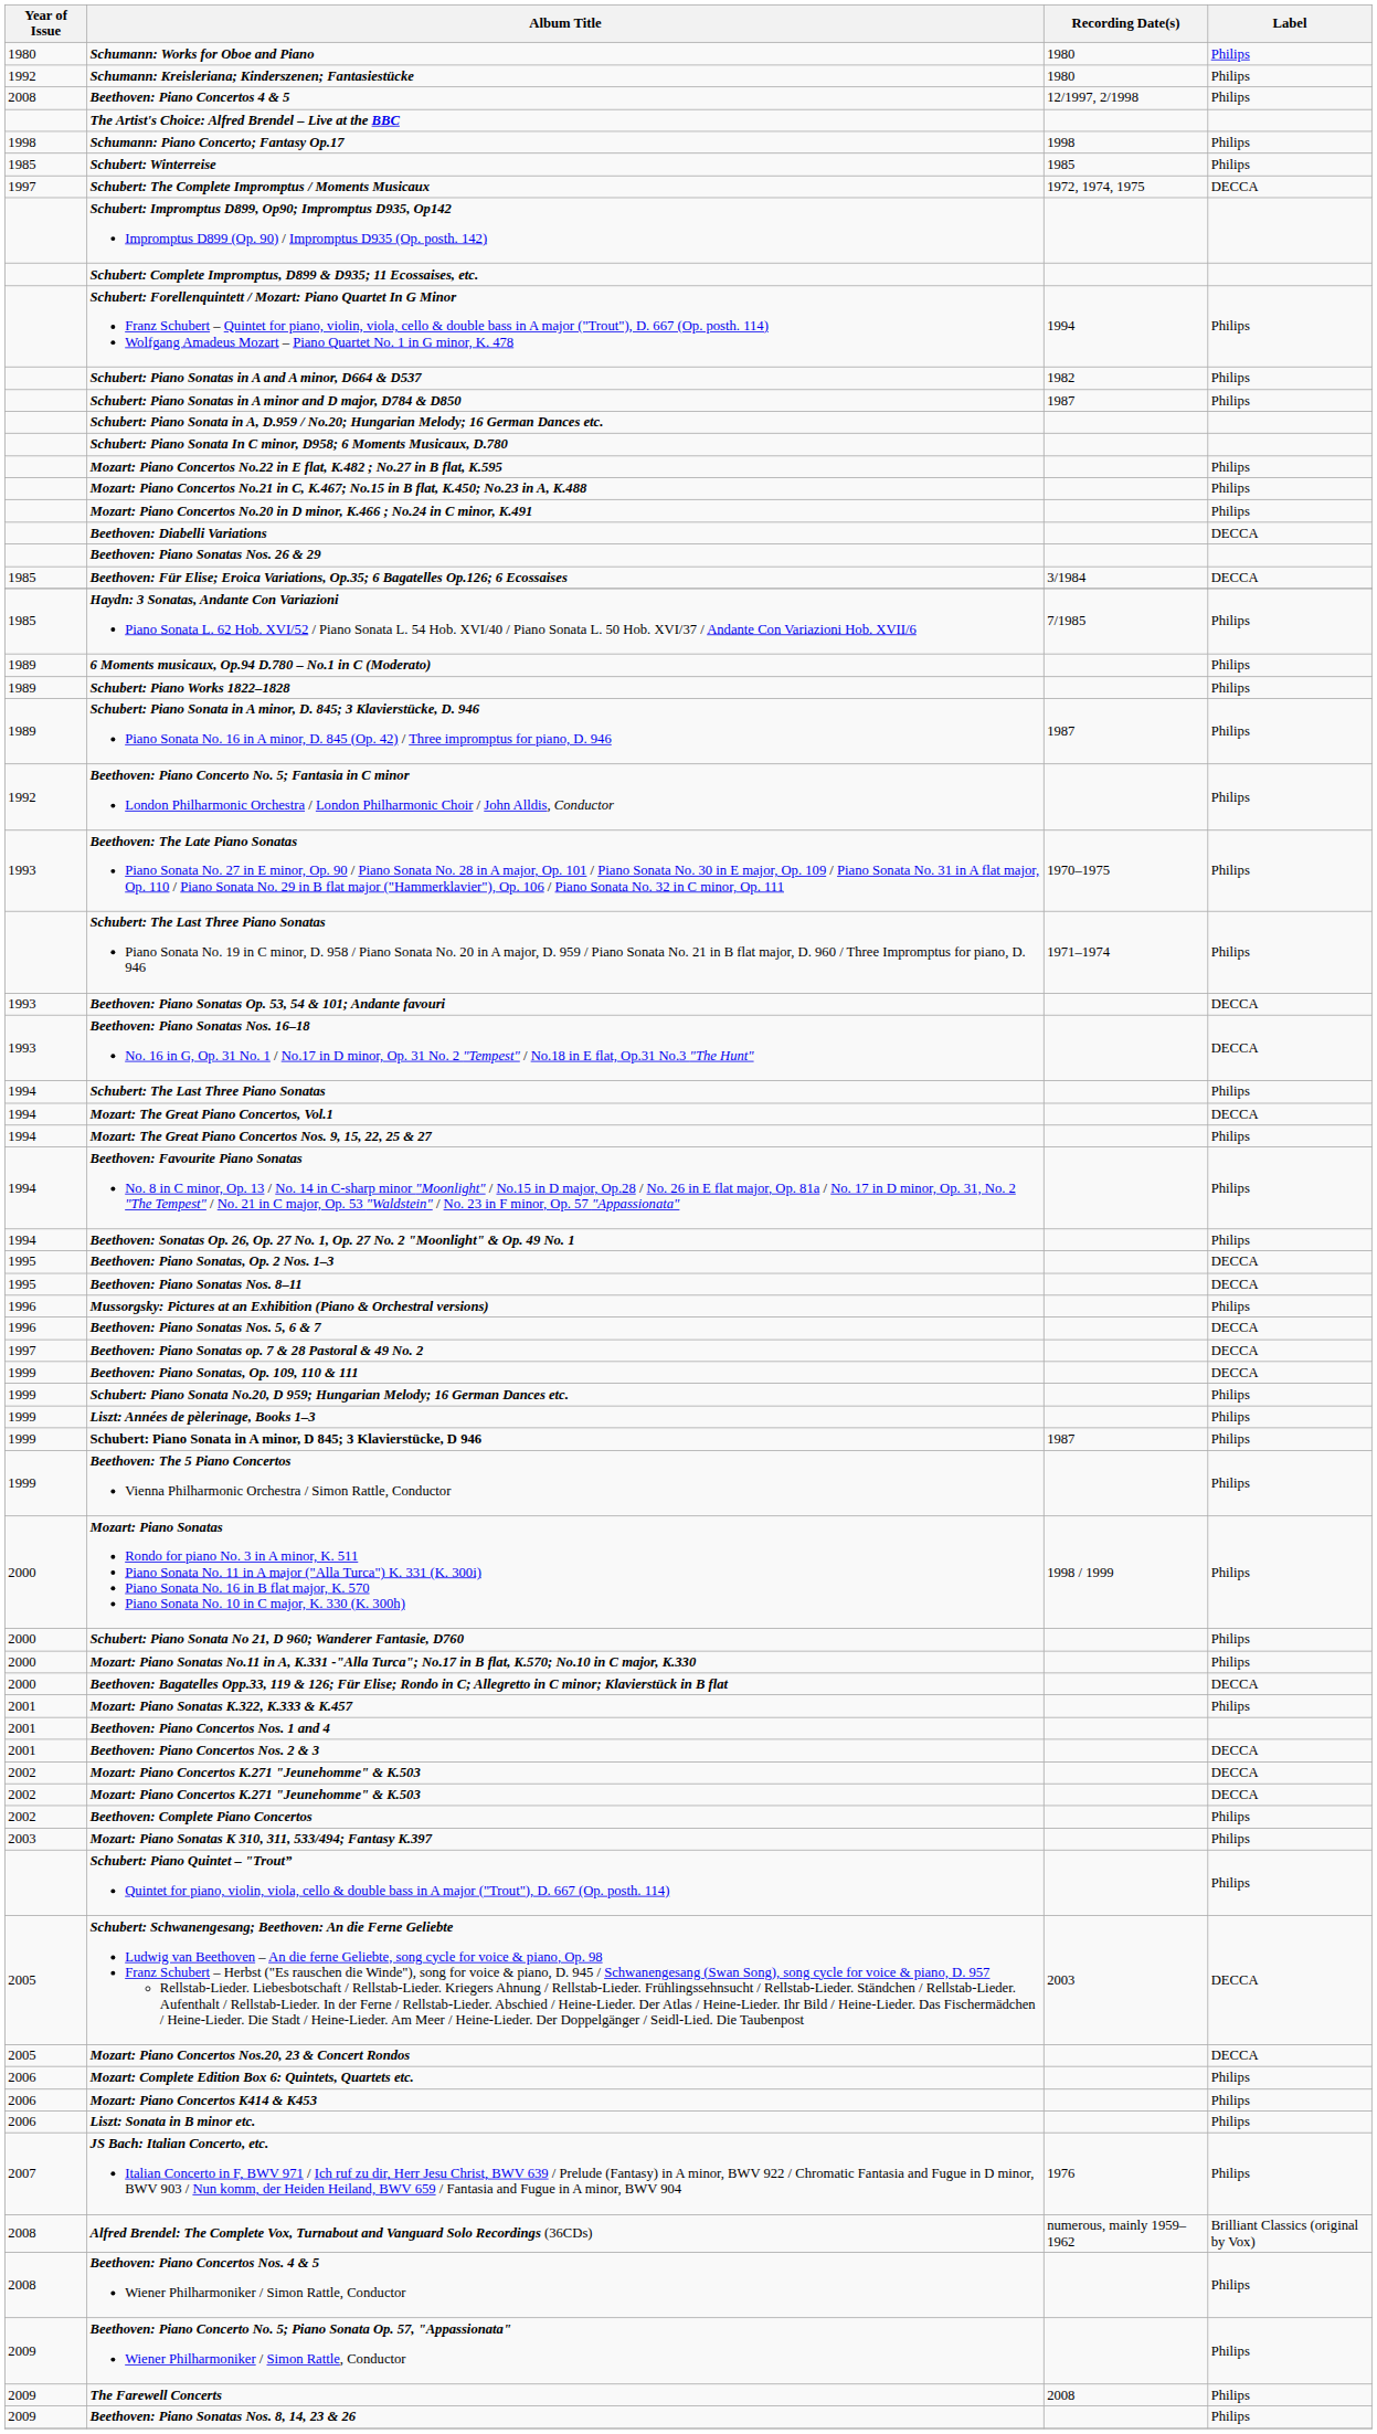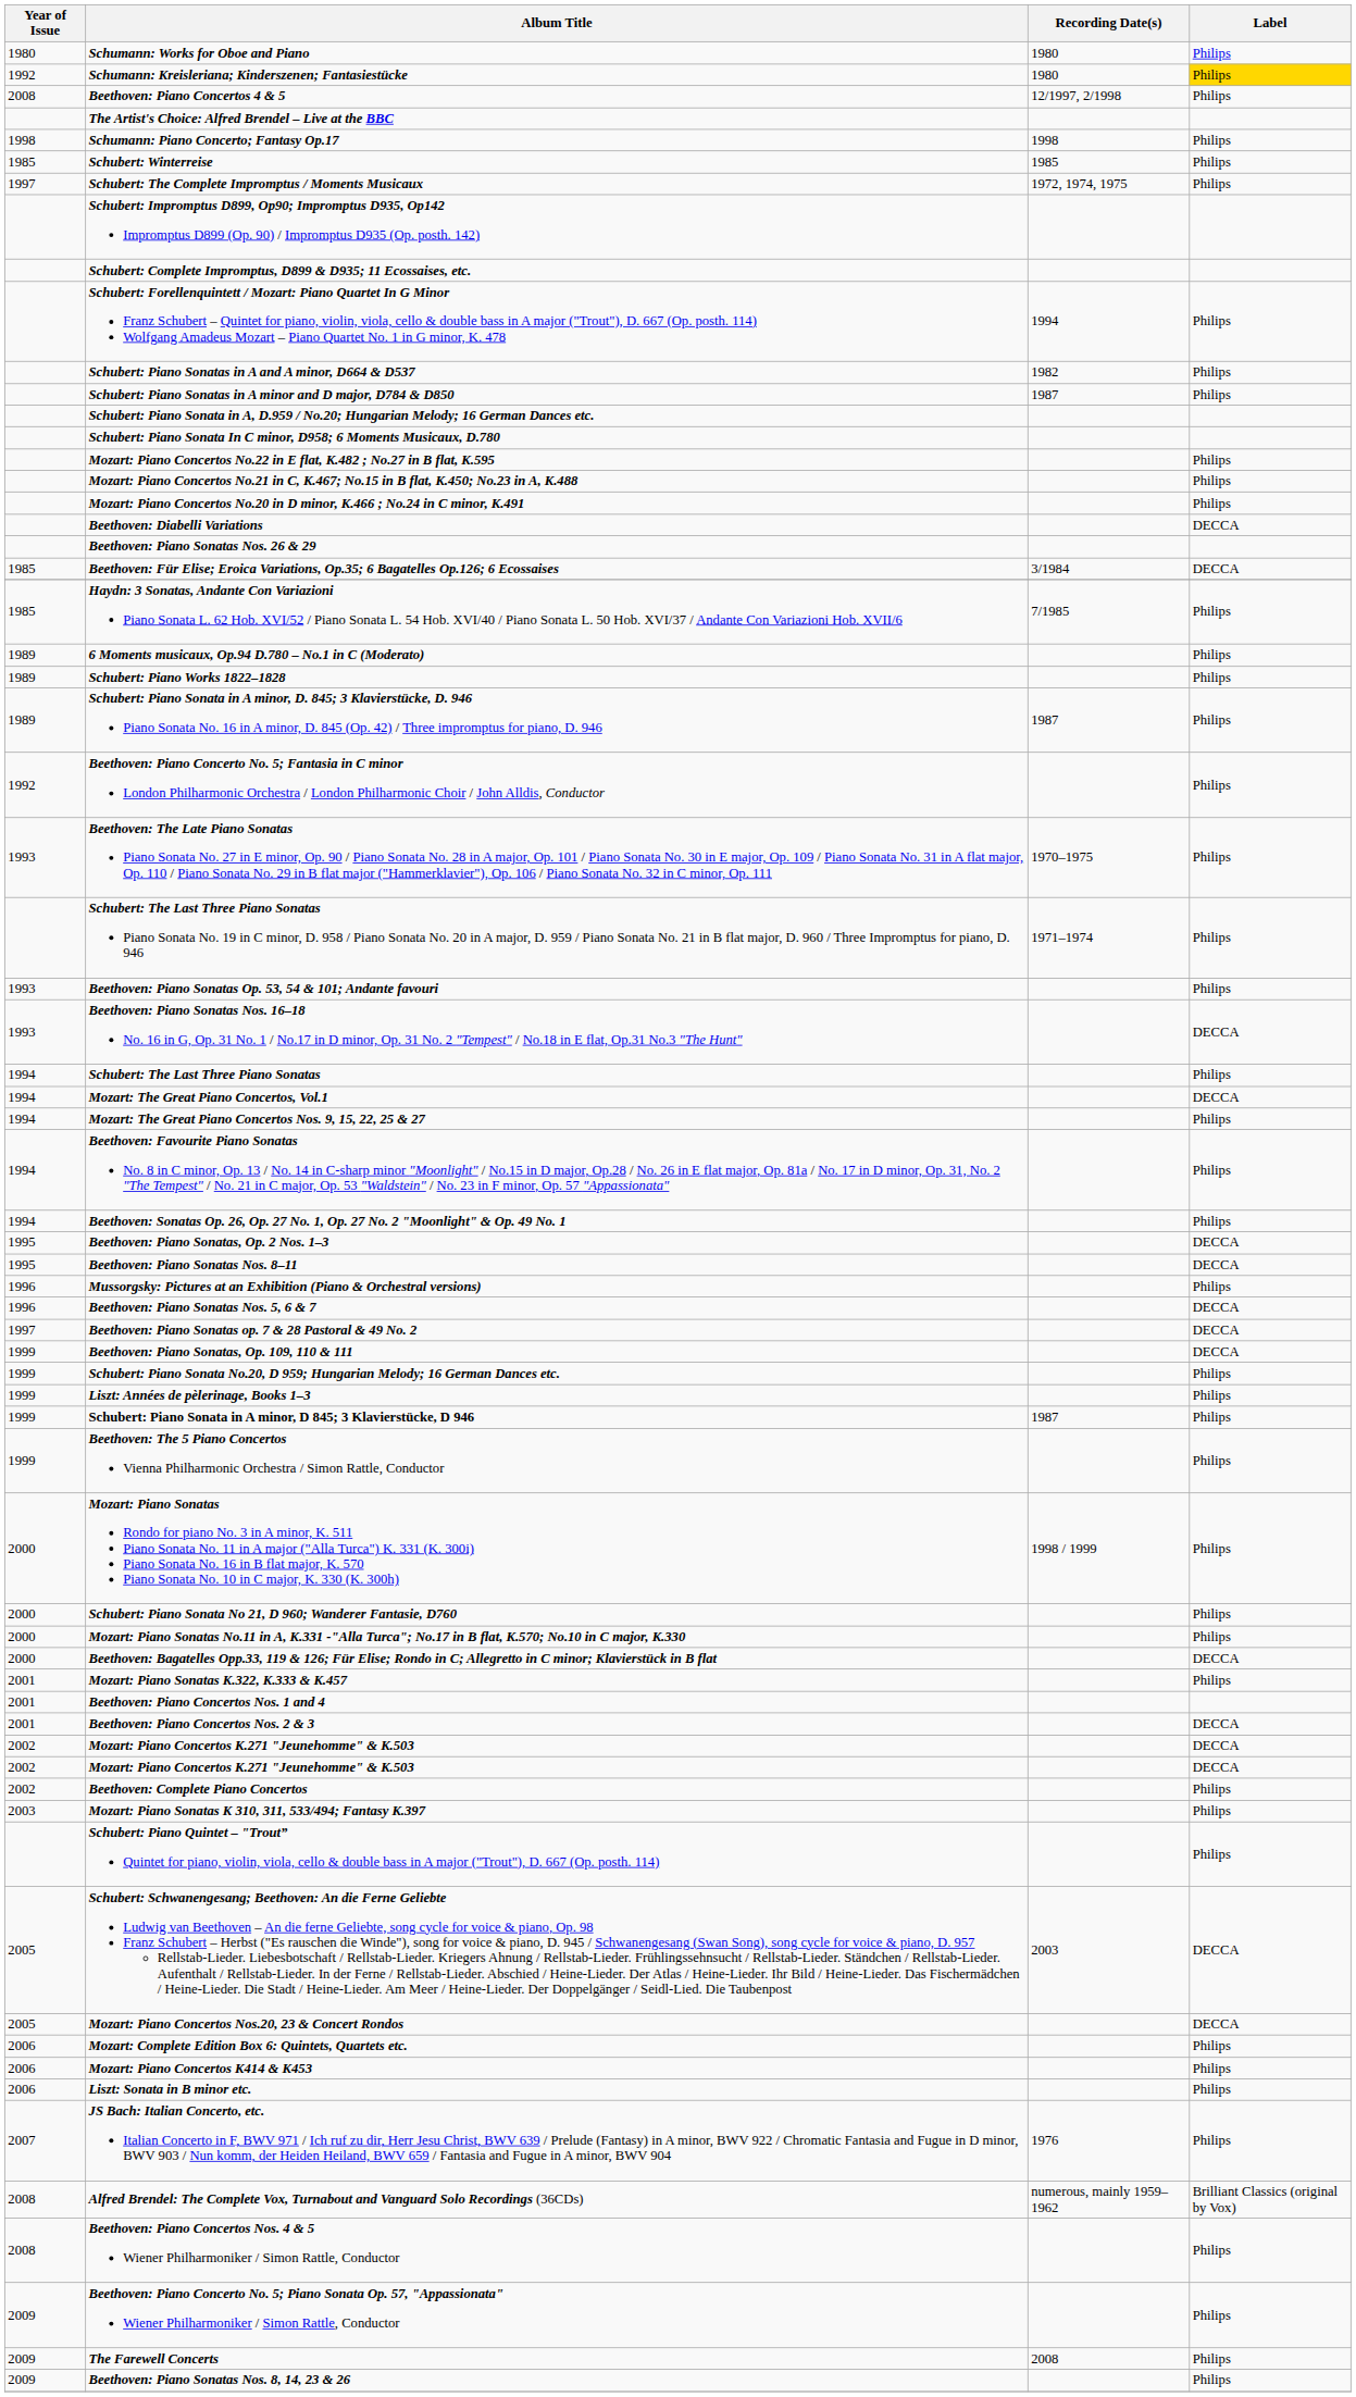 <table class="wikitable sortable" border="1">
 <tr>
 <th width="6%">Year of Issue</th>
 <th width="70%">Album Title</th>
 <th width="12%">Recording Date(s)</th>
 <th width="12%">Label</th>
 </tr>
 <tr>
 <td>1980</td>
 <td><strong><em>Schumann: Works for Oboe and Piano</em></strong></td>
 <td>1980</td>
 <td><a href='#'>Philips</a></td>
 </tr>
 <tr>
 <td>1992</td>
 <td><strong><em>Schumann: Kreisleriana; Kinderszenen; Fantasiestücke</em></strong></td>
 <td>1980</td>
-<td>Philips</td>
+<td style="background: gold;">Philips</td>
 </tr>
 <tr>
 <td>2008</td>
 <td><strong><em>Beethoven: Piano Concertos 4 & 5</em></strong></td>
 <td>12/1997, 2/1998</td>
 <td>Philips</td>
 </tr>
 <tr>
 <td></td>
 <td><strong><em>The Artist's Choice: Alfred Brendel – Live at the <a href='#'>BBC</a></em></strong></td>
 <td></td>
 <td></td>
 </tr>
 <tr>
 <td>1998</td>
 <td><strong><em>Schumann: Piano Concerto; Fantasy Op.17</em></strong></td>
 <td>1998</td>
 <td>Philips</td>
 </tr>
 <tr>
 <td>1985</td>
 <td><strong><em>Schubert: Winterreise</em></strong></td>
 <td>1985</td>
 <td>Philips</td>
 </tr>
 <tr>
 <td>1997</td>
 <td><strong><em>Schubert: The Complete Impromptus / Moments Musicaux</em></strong></td>
 <td>1972, 1974, 1975</td>
-<td>DECCA</td>
+<td>Philips</td>
 </tr>
 <tr>
 <td></td>
 <td><strong><em>Schubert: Impromptus D899, Op90; Impromptus D935, Op142</em></strong><br><ul><li><a href='#'>Impromptus D899 (Op. 90)</a> / <a href='#'>Impromptus D935 (Op. posth. 142)</a></li></ul></td>
 <td></td>
 <td></td>
 </tr>
 <tr>
 <td></td>
 <td><strong><em>Schubert: Complete Impromptus, D899 & D935; 11 Ecossaises, etc.</em></strong></td>
 <td></td>
 <td></td>
 </tr>
 <tr>
 <td></td>
 <td><strong><em>Schubert: Forellenquintett / Mozart: Piano Quartet In G Minor</em></strong><br><ul><li><a href='#'>Franz Schubert</a> – <a href='#'>Quintet for piano, violin, viola, cello & double bass in A major ("Trout"), D. 667 (Op. posth. 114)</a></li><li><a href='#'>Wolfgang Amadeus Mozart</a> – <a href='#'>Piano Quartet No. 1 in G minor, K. 478</a></li></ul></td>
 <td>1994</td>
 <td>Philips</td>
 </tr>
 <tr>
 <td></td>
 <td><strong><em>Schubert: Piano Sonatas in A and A minor, D664 & D537</em></strong></td>
 <td>1982</td>
 <td>Philips</td>
 </tr>
 <tr>
 <td></td>
 <td><strong><em>Schubert: Piano Sonatas in A minor and D major, D784 & D850</em></strong></td>
 <td>1987</td>
 <td>Philips</td>
 </tr>
 <tr>
 <td></td>
 <td><strong><em>Schubert: Piano Sonata in A, D.959 / No.20; Hungarian Melody; 16 German Dances etc.</em></strong></td>
 <td></td>
 <td></td>
 </tr>
 <tr>
 <td></td>
 <td><strong><em>Schubert: Piano Sonata In C minor, D958; 6 Moments Musicaux, D.780</em></strong></td>
 <td></td>
 <td></td>
 </tr>
 <tr>
 <td></td>
 <td><strong><em>Mozart: Piano Concertos No.22 in E flat, K.482 ; No.27 in B flat, K.595</em></strong></td>
 <td></td>
 <td>Philips</td>
 </tr>
 <tr>
 <td></td>
 <td><strong><em>Mozart: Piano Concertos No.21 in C, K.467; No.15 in B flat, K.450; No.23 in A, K.488</em></strong></td>
 <td></td>
 <td>Philips</td>
 </tr>
 <tr>
 <td></td>
 <td><strong><em>Mozart: Piano Concertos No.20 in D minor, K.466 ; No.24 in C minor, K.491</em></strong></td>
 <td></td>
 <td>Philips</td>
 </tr>
 <tr>
 <td></td>
 <td><strong><em>Beethoven: Diabelli Variations</em></strong></td>
 <td></td>
 <td>DECCA</td>
 </tr>
 <tr>
 <td></td>
 <td><strong><em>Beethoven: Piano Sonatas Nos. 26 & 29</em></strong></td>
 <td></td>
 <td></td>
 </tr>
 <tr>
 <td>1985</td>
 <td><strong><em>Beethoven: Für Elise; Eroica Variations, Op.35; 6 Bagatelles Op.126; 6 Ecossaises</em></strong></td>
 <td>3/1984</td>
 <td>DECCA</td>
 </tr>
 <tr>
 </tr>
 <tr>
 <td>1985</td>
 <td><strong><em>Haydn: 3 Sonatas, Andante Con Variazioni</em></strong><br><ul><li><a href='#'>Piano Sonata L. 62 Hob. XVI/52</a> / Piano Sonata L. 54 Hob. XVI/40 / Piano Sonata L. 50 Hob. XVI/37 / <a href='#'>Andante Con Variazioni Hob. XVII/6</a></li></ul></td>
 <td>7/1985</td>
 <td>Philips</td>
 </tr>
 <tr>
 <td>1989</td>
 <td><strong><em>6 Moments musicaux, Op.94 D.780 – No.1 in C (Moderato)</em></strong></td>
 <td></td>
 <td>Philips</td>
 </tr>
 <tr>
 <td>1989</td>
 <td><strong><em>Schubert: Piano Works 1822–1828</em></strong></td>
 <td></td>
 <td>Philips</td>
 </tr>
 <tr>
 <td>1989</td>
 <td><strong><em>Schubert: Piano Sonata in A minor, D. 845; 3 Klavierstücke, D. 946</em></strong><br><ul><li><a href='#'>Piano Sonata No. 16 in A minor, D. 845 (Op. 42)</a> / <a href='#'>Three impromptus for piano, D. 946</a></li></ul></td>
 <td>1987</td>
 <td>Philips</td>
 </tr>
 <tr>
 <td>1992</td>
 <td><strong><em>Beethoven: Piano Concerto No. 5; Fantasia in C minor</em></strong><br><ul><li><a href='#'>London Philharmonic Orchestra</a> / <a href='#'>London Philharmonic Choir</a> / <a href='#'>John Alldis</a>, <em>Conductor</em></li></ul></td>
 <td></td>
 <td>Philips</td>
 </tr>
 <tr>
 <td>1993</td>
 <td><strong><em>Beethoven: The Late Piano Sonatas</em></strong><br><ul><li><a href='#'>Piano Sonata No. 27 in E minor, Op. 90</a> / <a href='#'>Piano Sonata No. 28 in A major, Op. 101</a> / <a href='#'>Piano Sonata No. 30 in E major, Op. 109</a> / <a href='#'>Piano Sonata No. 31 in A flat major, Op. 110</a> / <a href='#'>Piano Sonata No. 29 in B flat major ("Hammerklavier"), Op. 106</a> / <a href='#'>Piano Sonata No. 32 in C minor, Op. 111</a></li></ul></td>
 <td>1970–1975</td>
 <td>Philips</td>
 </tr>
 <tr>
 <td></td>
 <td><strong><em>Schubert: The Last Three Piano Sonatas</em></strong><br><ul><li>Piano Sonata No. 19 in C minor, D. 958 / Piano Sonata No. 20 in A major, D. 959 / Piano Sonata No. 21 in B flat major, D. 960 / Three Impromptus for piano, D. 946</li></ul></td>
 <td>1971–1974</td>
 <td>Philips</td>
 </tr>
 <tr>
 <td>1993</td>
 <td><strong><em>Beethoven: Piano Sonatas Op. 53, 54 & 101; Andante favouri</em></strong></td>
 <td></td>
-<td>DECCA</td>
+<td>Philips</td>
 </tr>
 <tr>
 <td>1993</td>
 <td><strong><em>Beethoven: Piano Sonatas Nos. 16–18</em></strong><br><ul><li><a href='#'>No. 16 in G, Op. 31 No. 1</a> / <a href='#'>No.17 in D minor, Op. 31 No. 2 <em>"Tempest"</em></a> / <a href='#'>No.18 in E flat, Op.31 No.3 <em>"The Hunt"</em></a></li></ul></td>
 <td></td>
 <td>DECCA</td>
 </tr>
 <tr>
 <td>1994</td>
 <td><strong><em>Schubert: The Last Three Piano Sonatas</em></strong></td>
 <td></td>
 <td>Philips</td>
 </tr>
 <tr>
 <td>1994</td>
 <td><strong><em>Mozart: The Great Piano Concertos, Vol.1</em></strong></td>
 <td></td>
 <td>DECCA</td>
 </tr>
 <tr>
 <td>1994</td>
 <td><strong><em>Mozart: The Great Piano Concertos Nos. 9, 15, 22, 25 & 27</em></strong></td>
 <td></td>
 <td>Philips</td>
 </tr>
 <tr>
 <td>1994</td>
 <td><strong><em>Beethoven: Favourite Piano Sonatas</em></strong><br><ul><li><a href='#'>No. 8 in C minor, Op. 13</a> / <a href='#'>No. 14 in C-sharp minor <em>"Moonlight"</em></a> / <a href='#'>No.15 in D major, Op.28</a> / <a href='#'>No. 26 in E flat major, Op. 81a</a> / <a href='#'>No. 17 in D minor, Op. 31, No. 2 <em>"The Tempest"</em></a> / <a href='#'>No. 21 in C major, Op. 53 <em>"Waldstein"</em></a> / <a href='#'>No. 23 in F minor, Op. 57 <em>"Appassionata"</em></a></li></ul></td>
 <td></td>
 <td>Philips</td>
 </tr>
 <tr>
 <td>1994</td>
 <td><strong><em>Beethoven: Sonatas Op. 26, Op. 27 No. 1, Op. 27 No. 2 "Moonlight" & Op. 49 No. 1</em></strong></td>
 <td></td>
 <td>Philips</td>
 </tr>
 <tr>
 <td>1995</td>
 <td><strong><em>Beethoven: Piano Sonatas, Op. 2 Nos. 1–3 </em></strong></td>
 <td></td>
 <td>DECCA</td>
 </tr>
 <tr>
 <td>1995</td>
 <td><strong><em>Beethoven: Piano Sonatas Nos. 8–11 </em></strong></td>
 <td></td>
 <td>DECCA</td>
 </tr>
 <tr>
 <td>1996</td>
 <td><strong><em>Mussorgsky: Pictures at an Exhibition (Piano & Orchestral versions)</em></strong></td>
 <td></td>
 <td>Philips</td>
 </tr>
 <tr>
 <td>1996</td>
 <td><strong><em>Beethoven: Piano Sonatas Nos. 5, 6 & 7 </em></strong></td>
 <td></td>
 <td>DECCA</td>
 </tr>
 <tr>
 <td>1997</td>
 <td><strong><em>Beethoven: Piano Sonatas op. 7 & 28 Pastoral & 49 No. 2</em></strong></td>
 <td></td>
 <td>DECCA</td>
 </tr>
 <tr>
 <td>1999</td>
 <td><strong><em>Beethoven: Piano Sonatas, Op. 109, 110 & 111</em></strong></td>
 <td></td>
 <td>DECCA</td>
 </tr>
 <tr>
 <td>1999</td>
 <td><strong><em>Schubert: Piano Sonata No.20, D 959; Hungarian Melody; 16 German Dances etc.</em></strong></td>
 <td></td>
 <td>Philips</td>
 </tr>
 <tr>
 <td>1999</td>
 <td><strong><em>Liszt: Années de pèlerinage, Books 1–3</em></strong></td>
 <td></td>
 <td>Philips</td>
 </tr>
 <tr>
 <td>1999</td>
 <td><strong>Schubert: Piano Sonata in A minor, D 845; 3 Klavierstücke, D 946</strong></td>
 <td>1987</td>
 <td>Philips</td>
 </tr>
 <tr>
 <td>1999</td>
 <td><strong><em>Beethoven: The 5 Piano Concertos</em></strong><br><ul><li>Vienna Philharmonic Orchestra / Simon Rattle, Conductor</li></ul></td>
 <td></td>
 <td>Philips</td>
 </tr>
 <tr>
 <td>2000</td>
 <td><strong><em>Mozart: Piano Sonatas</em></strong><br><ul><li><a href='#'>Rondo for piano No. 3 in A minor, K. 511</a></li><li><a href='#'>Piano Sonata No. 11 in A major ("Alla Turca") K. 331 (K. 300i)</a></li><li><a href='#'>Piano Sonata No. 16 in B flat major, K. 570</a></li><li><a href='#'>Piano Sonata No. 10 in C major, K. 330 (K. 300h)</a></li></ul></td>
 <td>1998 / 1999</td>
 <td>Philips</td>
 </tr>
 <tr>
 <td>2000</td>
 <td><strong><em>Schubert: Piano Sonata No 21, D 960; Wanderer Fantasie, D760</em></strong></td>
 <td></td>
 <td>Philips</td>
 </tr>
 <tr>
 <td>2000</td>
 <td><strong><em>Mozart: Piano Sonatas No.11 in A, K.331 -"Alla Turca"; No.17 in B flat, K.570; No.10 in C major, K.330</em></strong></td>
 <td></td>
 <td>Philips</td>
 </tr>
 <tr>
 <td>2000</td>
 <td><strong><em>Beethoven: Bagatelles Opp.33, 119 & 126; Für Elise; Rondo in C; Allegretto in C minor; Klavierstück in B flat</em></strong></td>
 <td></td>
 <td>DECCA</td>
 </tr>
 <tr>
 <td>2001</td>
 <td><strong><em>Mozart: Piano Sonatas K.322, K.333 & K.457</em></strong></td>
 <td></td>
 <td>Philips</td>
 </tr>
 <tr>
 <td>2001</td>
 <td><strong><em>Beethoven: Piano Concertos Nos. 1 and 4</em></strong></td>
 <td></td>
 <td></td>
 </tr>
 <tr>
 <td>2001</td>
 <td><strong><em>Beethoven: Piano Concertos Nos. 2 & 3 </em></strong></td>
 <td></td>
 <td>DECCA</td>
 </tr>
 <tr>
 <td>2002</td>
 <td><strong><em>Mozart: Piano Concertos K.271 "Jeunehomme" & K.503</em></strong></td>
 <td></td>
 <td>DECCA</td>
 </tr>
 <tr>
 <td>2002</td>
 <td><strong><em>Mozart: Piano Concertos K.271 "Jeunehomme" & K.503</em></strong></td>
 <td></td>
 <td>DECCA</td>
 </tr>
 <tr>
 <td>2002</td>
 <td><strong><em>Beethoven: Complete Piano Concertos</em></strong></td>
 <td></td>
 <td>Philips</td>
 </tr>
 <tr>
 <td>2003</td>
 <td><strong><em>Mozart: Piano Sonatas K 310, 311, 533/494; Fantasy K.397</em></strong></td>
 <td></td>
 <td>Philips</td>
 </tr>
 <tr>
 <td></td>
 <td><strong><em>Schubert: Piano Quintet – "Trout”</em></strong><br><ul><li><a href='#'>Quintet for piano, violin, viola, cello & double bass in A major ("Trout"), D. 667 (Op. posth. 114)</a></li></ul></td>
 <td></td>
 <td>Philips</td>
 </tr>
 <tr>
 <td>2005</td>
 <td><strong><em>Schubert: Schwanengesang; Beethoven: An die Ferne Geliebte</em></strong><br><ul><li><a href='#'>Ludwig van Beethoven</a> – <a href='#'>An die ferne Geliebte, song cycle for voice & piano, Op. 98</a></li><li><a href='#'>Franz Schubert</a> – Herbst ("Es rauschen die Winde"), song for voice & piano, D. 945 / <a href='#'>Schwanengesang (Swan Song), song cycle for voice & piano, D. 957</a><ul><li>Rellstab-Lieder. Liebesbotschaft / Rellstab-Lieder. Kriegers Ahnung / Rellstab-Lieder. Frühlingssehnsucht / Rellstab-Lieder. Ständchen / Rellstab-Lieder. Aufenthalt / Rellstab-Lieder. In der Ferne / Rellstab-Lieder. Abschied / Heine-Lieder. Der Atlas / Heine-Lieder. Ihr Bild / Heine-Lieder. Das Fischermädchen / Heine-Lieder. Die Stadt / Heine-Lieder. Am Meer	 / Heine-Lieder. Der Doppelgänger / Seidl-Lied. Die Taubenpost</li></ul></li></ul></td>
 <td>2003</td>
 <td>DECCA</td>
 </tr>
 <tr>
 <td>2005</td>
 <td><strong><em>Mozart: Piano Concertos Nos.20, 23 & Concert Rondos</em></strong></td>
 <td></td>
 <td>DECCA</td>
 </tr>
 <tr>
 <td>2006</td>
 <td><strong><em>Mozart: Complete Edition Box 6: Quintets, Quartets etc.</em></strong></td>
 <td></td>
 <td>Philips</td>
 </tr>
 <tr>
 <td>2006</td>
 <td><strong><em>Mozart: Piano Concertos K414 & K453</em></strong></td>
 <td></td>
 <td>Philips</td>
 </tr>
 <tr>
 <td>2006</td>
 <td><strong><em>Liszt: Sonata in B minor etc.</em></strong></td>
 <td></td>
 <td>Philips</td>
 </tr>
 <tr>
 <td>2007</td>
 <td><strong><em>JS Bach: Italian Concerto, etc.</em></strong><br><ul><li><a href='#'>Italian Concerto in F, BWV 971</a> / <a href='#'>Ich ruf zu dir, Herr Jesu Christ, BWV 639</a> / Prelude (Fantasy) in A minor, BWV 922 / Chromatic Fantasia and Fugue in D minor, BWV 903 / <a href='#'>Nun komm, der Heiden Heiland, BWV 659</a> / Fantasia and Fugue in A minor, BWV 904</li></ul></td>
 <td>1976</td>
 <td>Philips</td>
 </tr>
 <tr>
 <td>2008</td>
 <td><strong><em>Alfred Brendel: The Complete Vox, Turnabout and Vanguard Solo Recordings</em></strong> (36CDs)</td>
 <td>numerous, mainly 1959–1962</td>
 <td>Brilliant Classics (original by Vox)</td>
 </tr>
 <tr>
 <td>2008</td>
 <td><strong><em>Beethoven: Piano Concertos Nos. 4 & 5</em></strong><br><ul><li>Wiener Philharmoniker / Simon Rattle, Conductor</li></ul></td>
 <td></td>
 <td>Philips</td>
 </tr>
 <tr>
 <td>2009</td>
 <td><strong><em>Beethoven: Piano Concerto No. 5; Piano Sonata Op. 57, "Appassionata" </em></strong><br><ul><li><a href='#'>Wiener Philharmoniker</a> / <a href='#'>Simon Rattle</a>, Conductor</li></ul></td>
 <td></td>
 <td>Philips</td>
 </tr>
 <tr>
 <td>2009</td>
 <td><strong><em>The Farewell Concerts</em></strong></td>
 <td>2008</td>
 <td>Philips</td>
 </tr>
 <tr>
 <td>2009</td>
 <td><strong><em>Beethoven: Piano Sonatas Nos. 8, 14, 23 & 26 </em></strong></td>
 <td></td>
 <td>Philips</td>
 </tr>
 <tr>
 </tr>
 </table>
